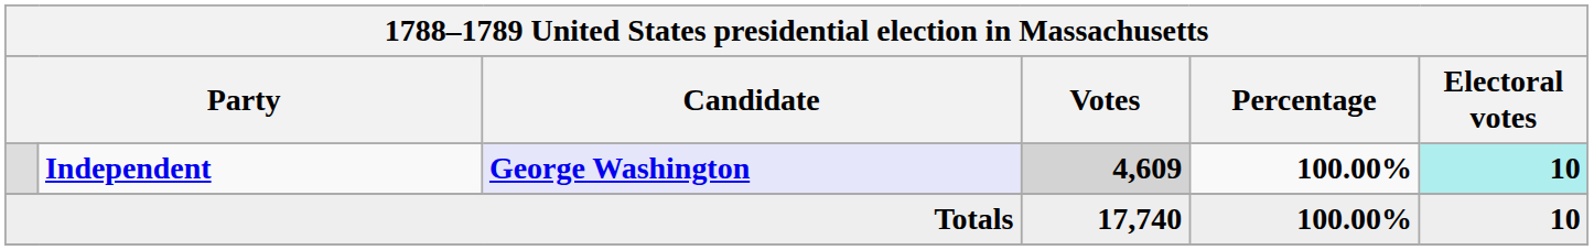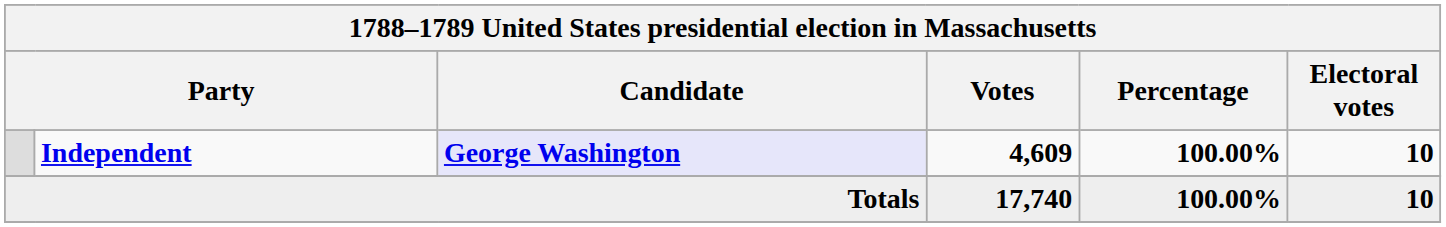 <table class="wikitable" style="font-size: 95%;">
 <tr>
 <th colspan="6">1788–1789 United States presidential election in Massachusetts</th>
 </tr>
 <tr>
 <th colspan="2" style="width: 15em">Party</th>
 <th style="width: 17em">Candidate</th>
 <th style="width: 5em">Votes</th>
 <th style="width: 7em">Percentage</th>
 <th style="width: 5em">Electoral votes</th>
 </tr>
 <tr>
 <th style="background-color:#DDDDDD; width: 3px"></th>
 <td style="width: 130px"><strong><a href='#'>Independent</a></strong></td>
 <td style="background: lavender;"><strong><a href='#'>George Washington</a></strong></td>
-<td align="right" style="background: lightgrey;"><strong>4,609</strong></td>
+<td align="right"><strong>4,609</strong></td>
 <td align="right"><strong>100.00%</strong></td>
-<td align="right" style="background: paleturquoise;"><strong>10</strong></td>
+<td align="right"><strong>10</strong></td>
 </tr>
 <tr>
 </tr>
 <tr bgcolor="#EEEEEE">
 <td colspan="3" align="right"><strong>Totals</strong></td>
 <td align="right"><strong>17,740</strong></td>
 <td align="right"><strong>100.00%</strong></td>
 <td align="right"><strong>10</strong></td>
 </tr>
 <tr>
 </tr>
 </table>
